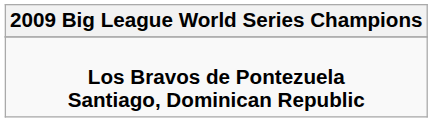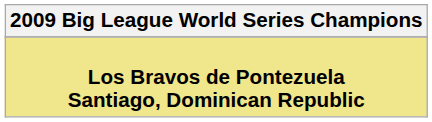 <table class="wikitable" style="text-align: center; margin: 0 auto;">
 <tr>
 <th>2009 Big League World Series Champions</th>
 </tr>
 <tr>
 </tr>
 <tr>
-<td><br><strong>Los Bravos de Pontezuela</strong><br> <strong>Santiago, Dominican Republic</strong></td>
+<td style="background: khaki;"><br><strong>Los Bravos de Pontezuela</strong><br> <strong>Santiago, Dominican Republic</strong></td>
 </tr>
 </table>
